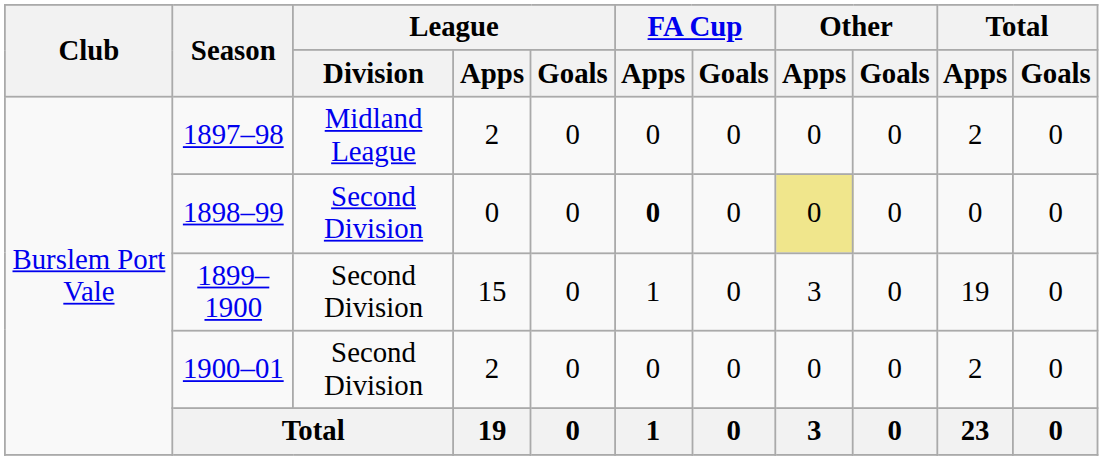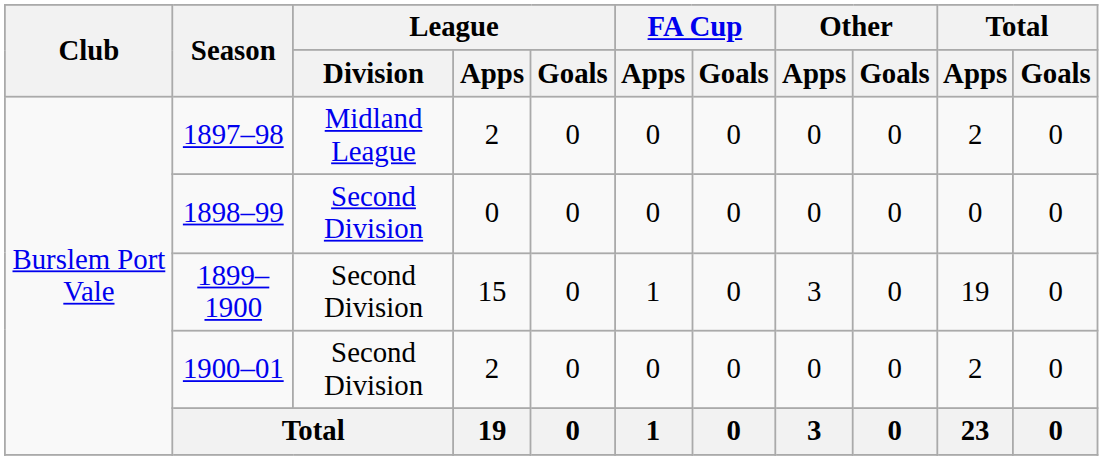 <table class="wikitable" style="text-align:center">
 <tr>
 <th rowspan="2">Club</th>
 <th rowspan="2">Season</th>
 <th colspan="3">League</th>
 <th colspan="2"><a href='#'>FA Cup</a></th>
 <th colspan="2">Other</th>
 <th colspan="2">Total</th>
 </tr>
 <tr>
 <th>Division</th>
 <th>Apps</th>
 <th>Goals</th>
 <th>Apps</th>
 <th>Goals</th>
 <th>Apps</th>
 <th>Goals</th>
 <th>Apps</th>
 <th>Goals</th>
 </tr>
 <tr>
 <td rowspan="5"><a href='#'>Burslem Port Vale</a></td>
 <td><a href='#'>1897–98</a></td>
 <td><a href='#'>Midland League</a></td>
 <td>2</td>
 <td>0</td>
 <td>0</td>
 <td>0</td>
 <td>0</td>
 <td>0</td>
 <td>2</td>
 <td>0</td>
 </tr>
 <tr>
 <td><a href='#'>1898–99</a></td>
 <td><a href='#'>Second Division</a></td>
 <td>0</td>
 <td>0</td>
-<td><strong>0</strong></td>
 <td>0</td>
-<td style="background: khaki;">0</td>
+<td>0</td>
+<td>0</td>
 <td>0</td>
 <td>0</td>
 <td>0</td>
 </tr>
 <tr>
 <td><a href='#'>1899–1900</a></td>
 <td>Second Division</td>
 <td>15</td>
 <td>0</td>
 <td>1</td>
 <td>0</td>
 <td>3</td>
 <td>0</td>
 <td>19</td>
 <td>0</td>
 </tr>
 <tr>
 <td><a href='#'>1900–01</a></td>
 <td>Second Division</td>
 <td>2</td>
 <td>0</td>
 <td>0</td>
 <td>0</td>
 <td>0</td>
 <td>0</td>
 <td>2</td>
 <td>0</td>
 </tr>
 <tr>
 <th colspan="2">Total</th>
 <th>19</th>
 <th>0</th>
 <th>1</th>
 <th>0</th>
 <th>3</th>
 <th>0</th>
 <th>23</th>
 <th>0</th>
 </tr>
 </table>
